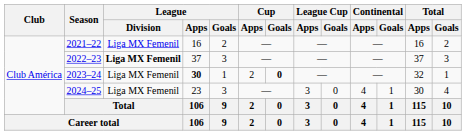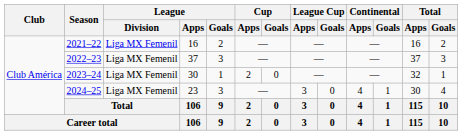 <table class="wikitable" style="text-align: center;">
 <tr>
 <th rowspan="2">Club</th>
 <th rowspan="2">Season</th>
 <th colspan="3">League</th>
 <th colspan="2">Cup </th>
 <th colspan="2">League Cup </th>
 <th colspan="2">Continental </th>
 <th colspan="2">Total</th>
 </tr>
 <tr>
 <th>Division</th>
 <th>Apps</th>
 <th>Goals</th>
 <th>Apps</th>
 <th>Goals</th>
 <th>Apps</th>
 <th>Goals</th>
 <th>Apps</th>
 <th>Goals</th>
 <th>Apps</th>
 <th>Goals</th>
 </tr>
 <tr>
 <td rowspan="5"><a href='#'>Club América</a></td>
 <td><a href='#'>2021–22</a></td>
 <td><a href='#'>Liga MX Femenil</a></td>
 <td align="center">16</td>
 <td align="center">2</td>
 <td colspan="2" align="center">—</td>
 <td colspan="2">—</td>
 <td colspan="2">—</td>
 <td align="center">16</td>
 <td align="center">2</td>
 </tr>
 <tr>
 <td><a href='#'>2022–23</a></td>
-<td><strong>Liga MX Femenil</strong></td>
+<td>Liga MX Femenil</td>
 <td align="center">37</td>
 <td align="center">3</td>
 <td colspan="2" align="center">—</td>
 <td colspan="2">—</td>
 <td colspan="2">—</td>
 <td align="center">37</td>
 <td align="center">3</td>
 </tr>
 <tr>
 <td><a href='#'>2023–24</a></td>
 <td>Liga MX Femenil</td>
-<td align="center"><strong>30</strong></td>
+<td align="center">30</td>
 <td align="center">1</td>
 <td align="center">2</td>
-<td align="center"><strong>0</strong></td>
+<td align="center">0</td>
 <td colspan="2">—</td>
 <td colspan="2">—</td>
 <td align="center">32</td>
 <td align="center">1</td>
 </tr>
 <tr>
 <td><a href='#'>2024–25</a></td>
 <td>Liga MX Femenil</td>
 <td>23</td>
 <td>3</td>
 <td colspan="2">—</td>
 <td>3</td>
 <td>0</td>
 <td>4</td>
 <td>1</td>
 <td>30</td>
 <td>4</td>
 </tr>
 <tr>
 <th colspan="2">Total</th>
 <th>106</th>
 <th>9</th>
 <th>2</th>
 <th>0</th>
 <th>3</th>
 <th>0</th>
 <th>4</th>
 <th>1</th>
 <th>115</th>
 <th>10</th>
 </tr>
 <tr>
 <th colspan="3">Career total</th>
 <th>106</th>
 <th>9</th>
 <th>2</th>
 <th>0</th>
 <th>3</th>
 <th>0</th>
 <th>4</th>
 <th>1</th>
 <th>115</th>
 <th>10</th>
 </tr>
 </table>
